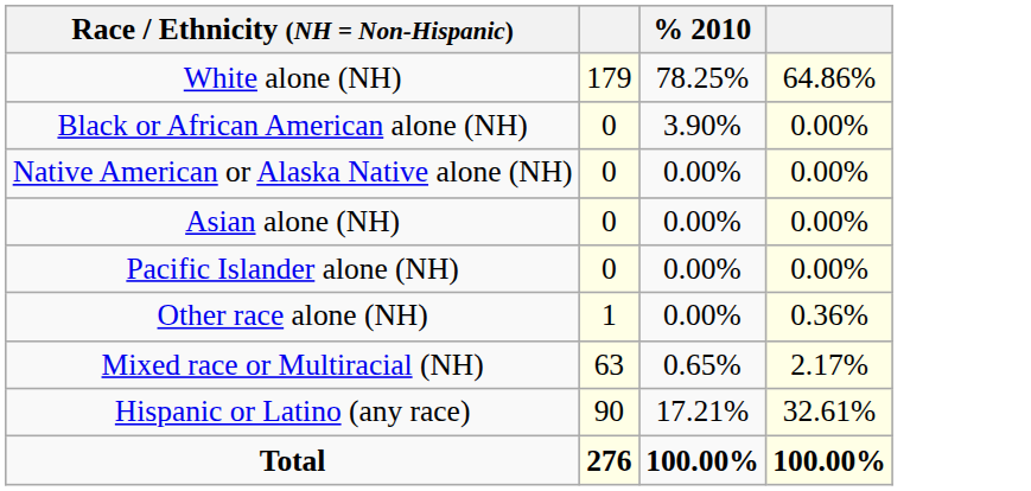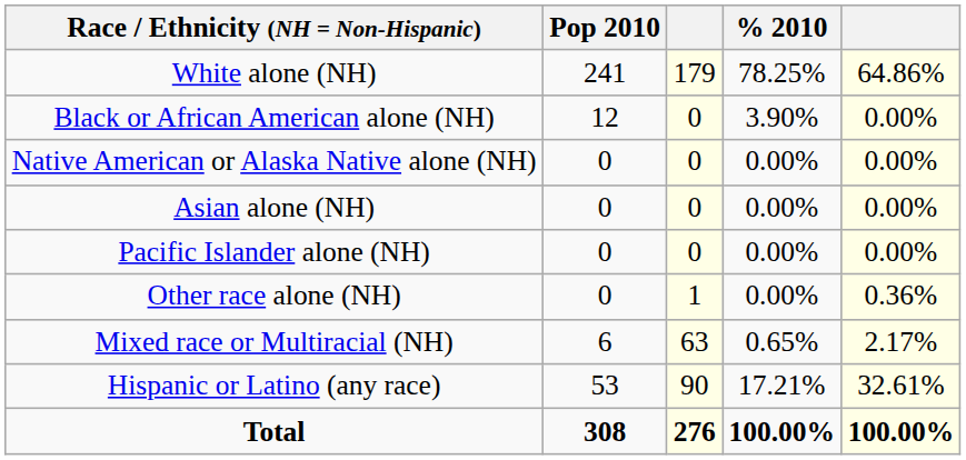 <table class="wikitable" style="text-align:center;">
 <tr>
 <th>Race / Ethnicity <small>(<em>NH = Non-Hispanic</em>)</small></th>
+<th>Pop 2010</th>
 <th></th>
 <th>% 2010</th>
 <th></th>
 </tr>
 <tr>
 <td><a href='#'>White</a> alone (NH)</td>
+<td>241</td>
 <td style='background: #ffffe6;'>179</td>
 <td>78.25%</td>
 <td style='background: #ffffe6;'>64.86%</td>
 </tr>
 <tr>
 <td><a href='#'>Black or African American</a> alone (NH)</td>
+<td>12</td>
 <td style='background: #ffffe6;'>0</td>
 <td>3.90%</td>
 <td style='background: #ffffe6;'>0.00%</td>
 </tr>
 <tr>
 <td><a href='#'>Native American</a> or <a href='#'>Alaska Native</a> alone (NH)</td>
+<td>0</td>
 <td style='background: #ffffe6;'>0</td>
 <td>0.00%</td>
 <td style='background: #ffffe6;'>0.00%</td>
 </tr>
 <tr>
 <td><a href='#'>Asian</a> alone (NH)</td>
+<td>0</td>
 <td style='background: #ffffe6;'>0</td>
 <td>0.00%</td>
 <td style='background: #ffffe6;'>0.00%</td>
 </tr>
 <tr>
 <td><a href='#'>Pacific Islander</a> alone (NH)</td>
+<td>0</td>
 <td style='background: #ffffe6;'>0</td>
 <td>0.00%</td>
 <td style='background: #ffffe6;'>0.00%</td>
 </tr>
 <tr>
 <td><a href='#'>Other race</a> alone (NH)</td>
+<td>0</td>
 <td style='background: #ffffe6;'>1</td>
 <td>0.00%</td>
 <td style='background: #ffffe6;'>0.36%</td>
 </tr>
 <tr>
 <td><a href='#'>Mixed race or Multiracial</a> (NH)</td>
+<td>6</td>
 <td style='background: #ffffe6;'>63</td>
 <td>0.65%</td>
 <td style='background: #ffffe6;'>2.17%</td>
 </tr>
 <tr>
 <td><a href='#'>Hispanic or Latino</a> (any race)</td>
+<td>53</td>
 <td style='background: #ffffe6;'>90</td>
 <td>17.21%</td>
 <td style='background: #ffffe6;'>32.61%</td>
 </tr>
 <tr>
 <td><strong>Total</strong></td>
+<td><strong>308</strong></td>
 <td style='background: #ffffe6;'><strong>276</strong></td>
 <td><strong>100.00%</strong></td>
 <td style='background: #ffffe6;'><strong>100.00%</strong></td>
 </tr>
 </table>
